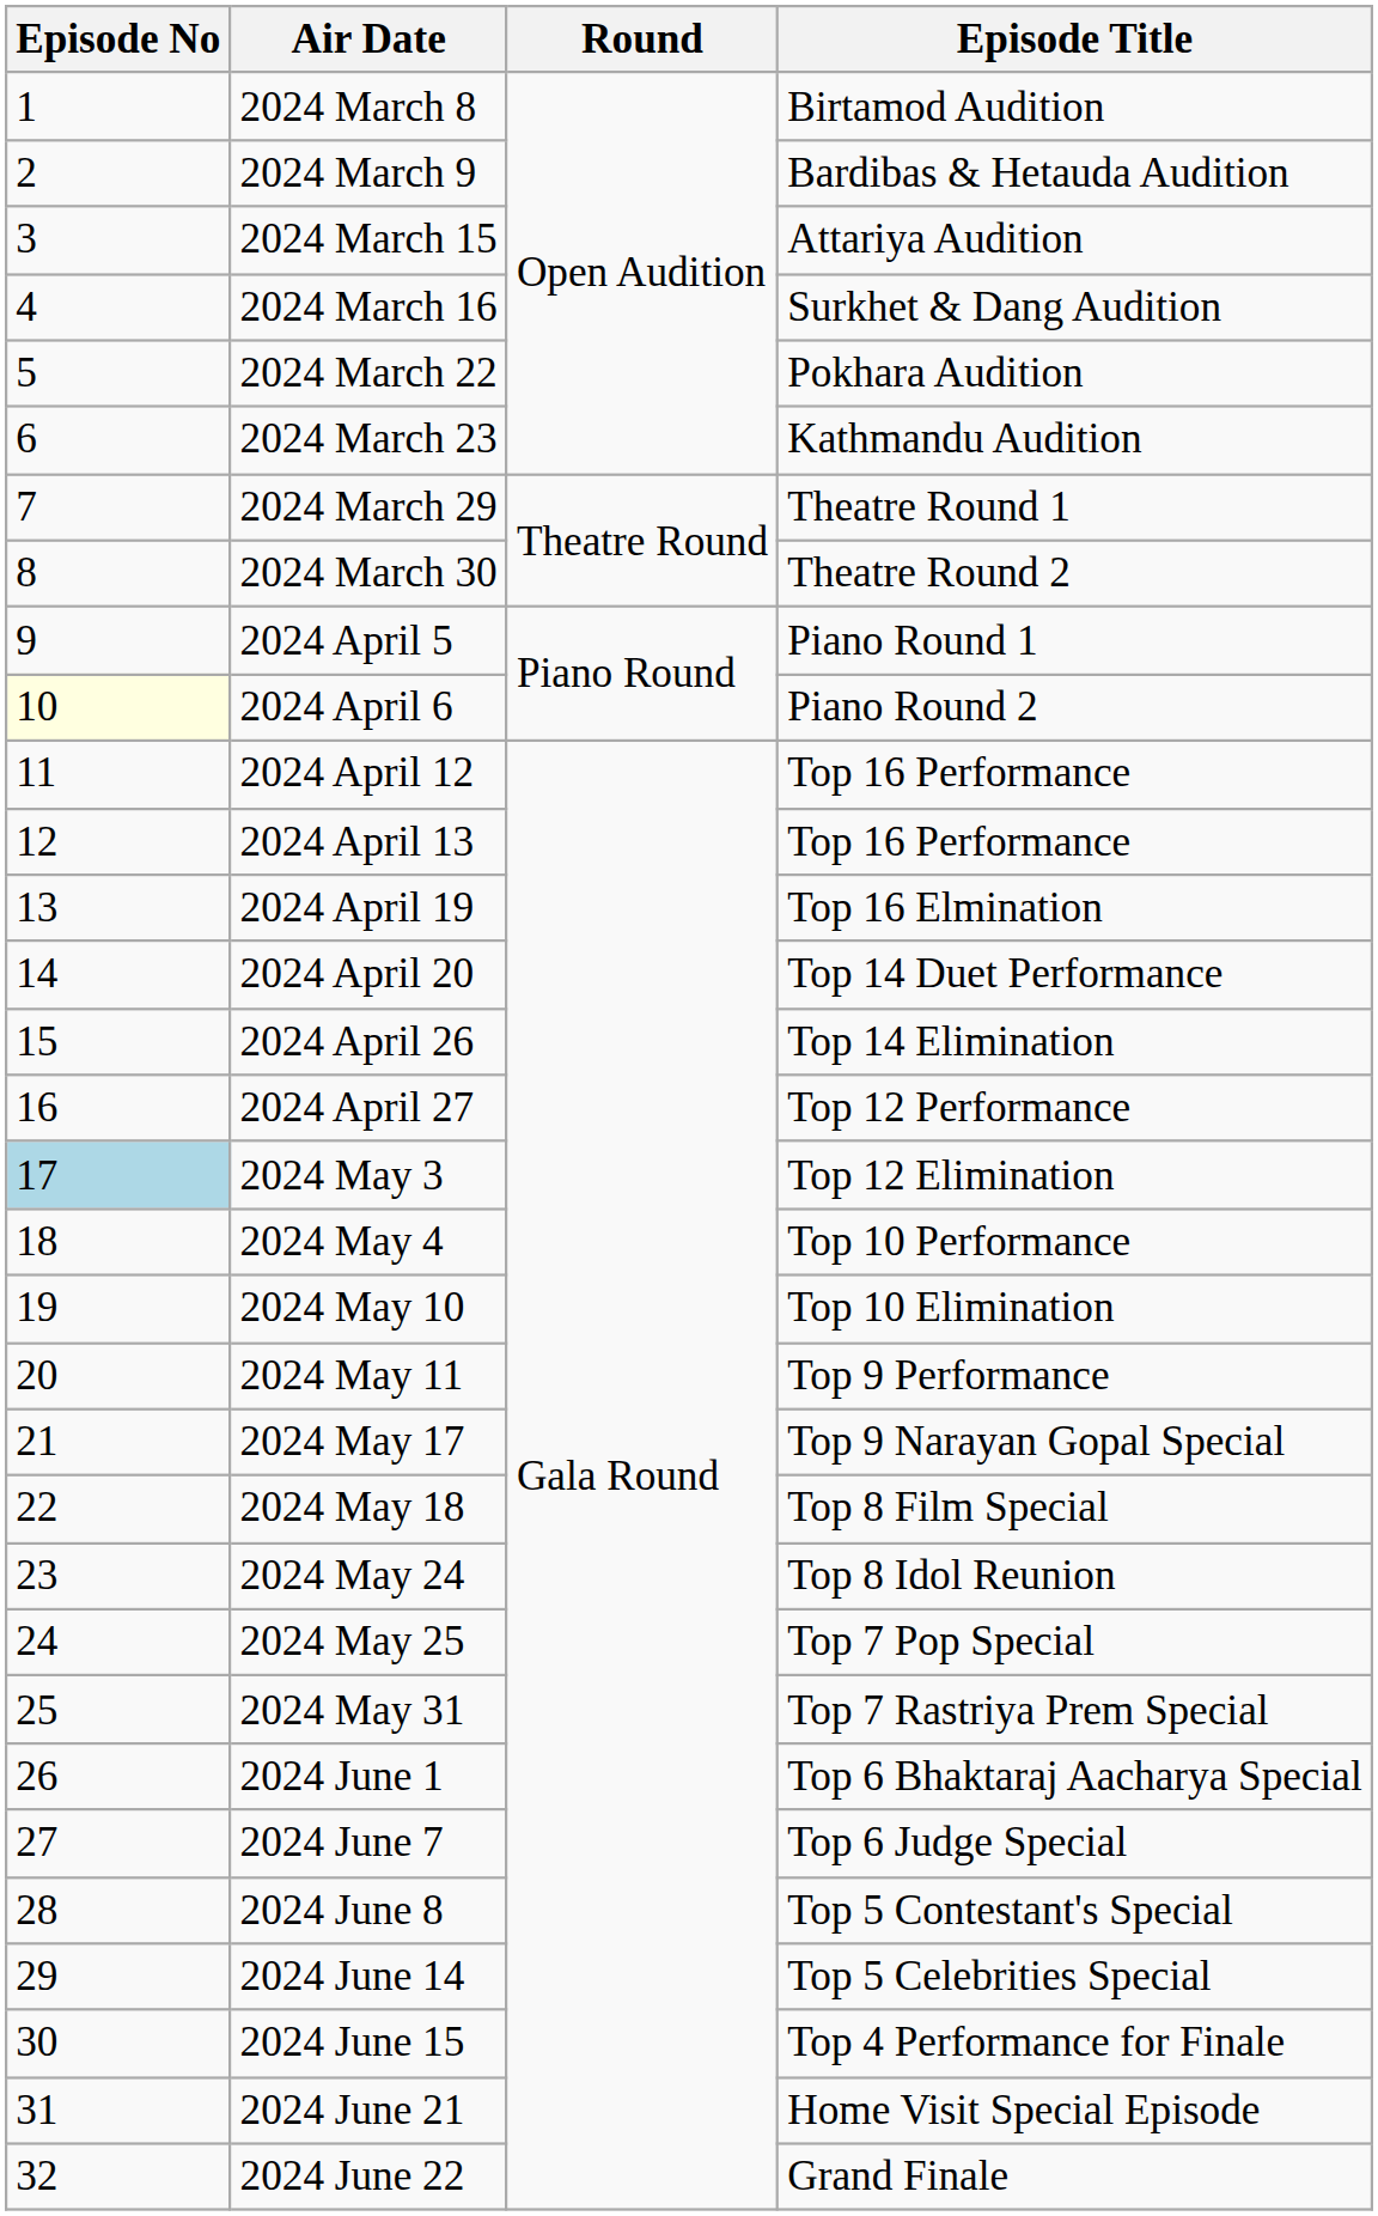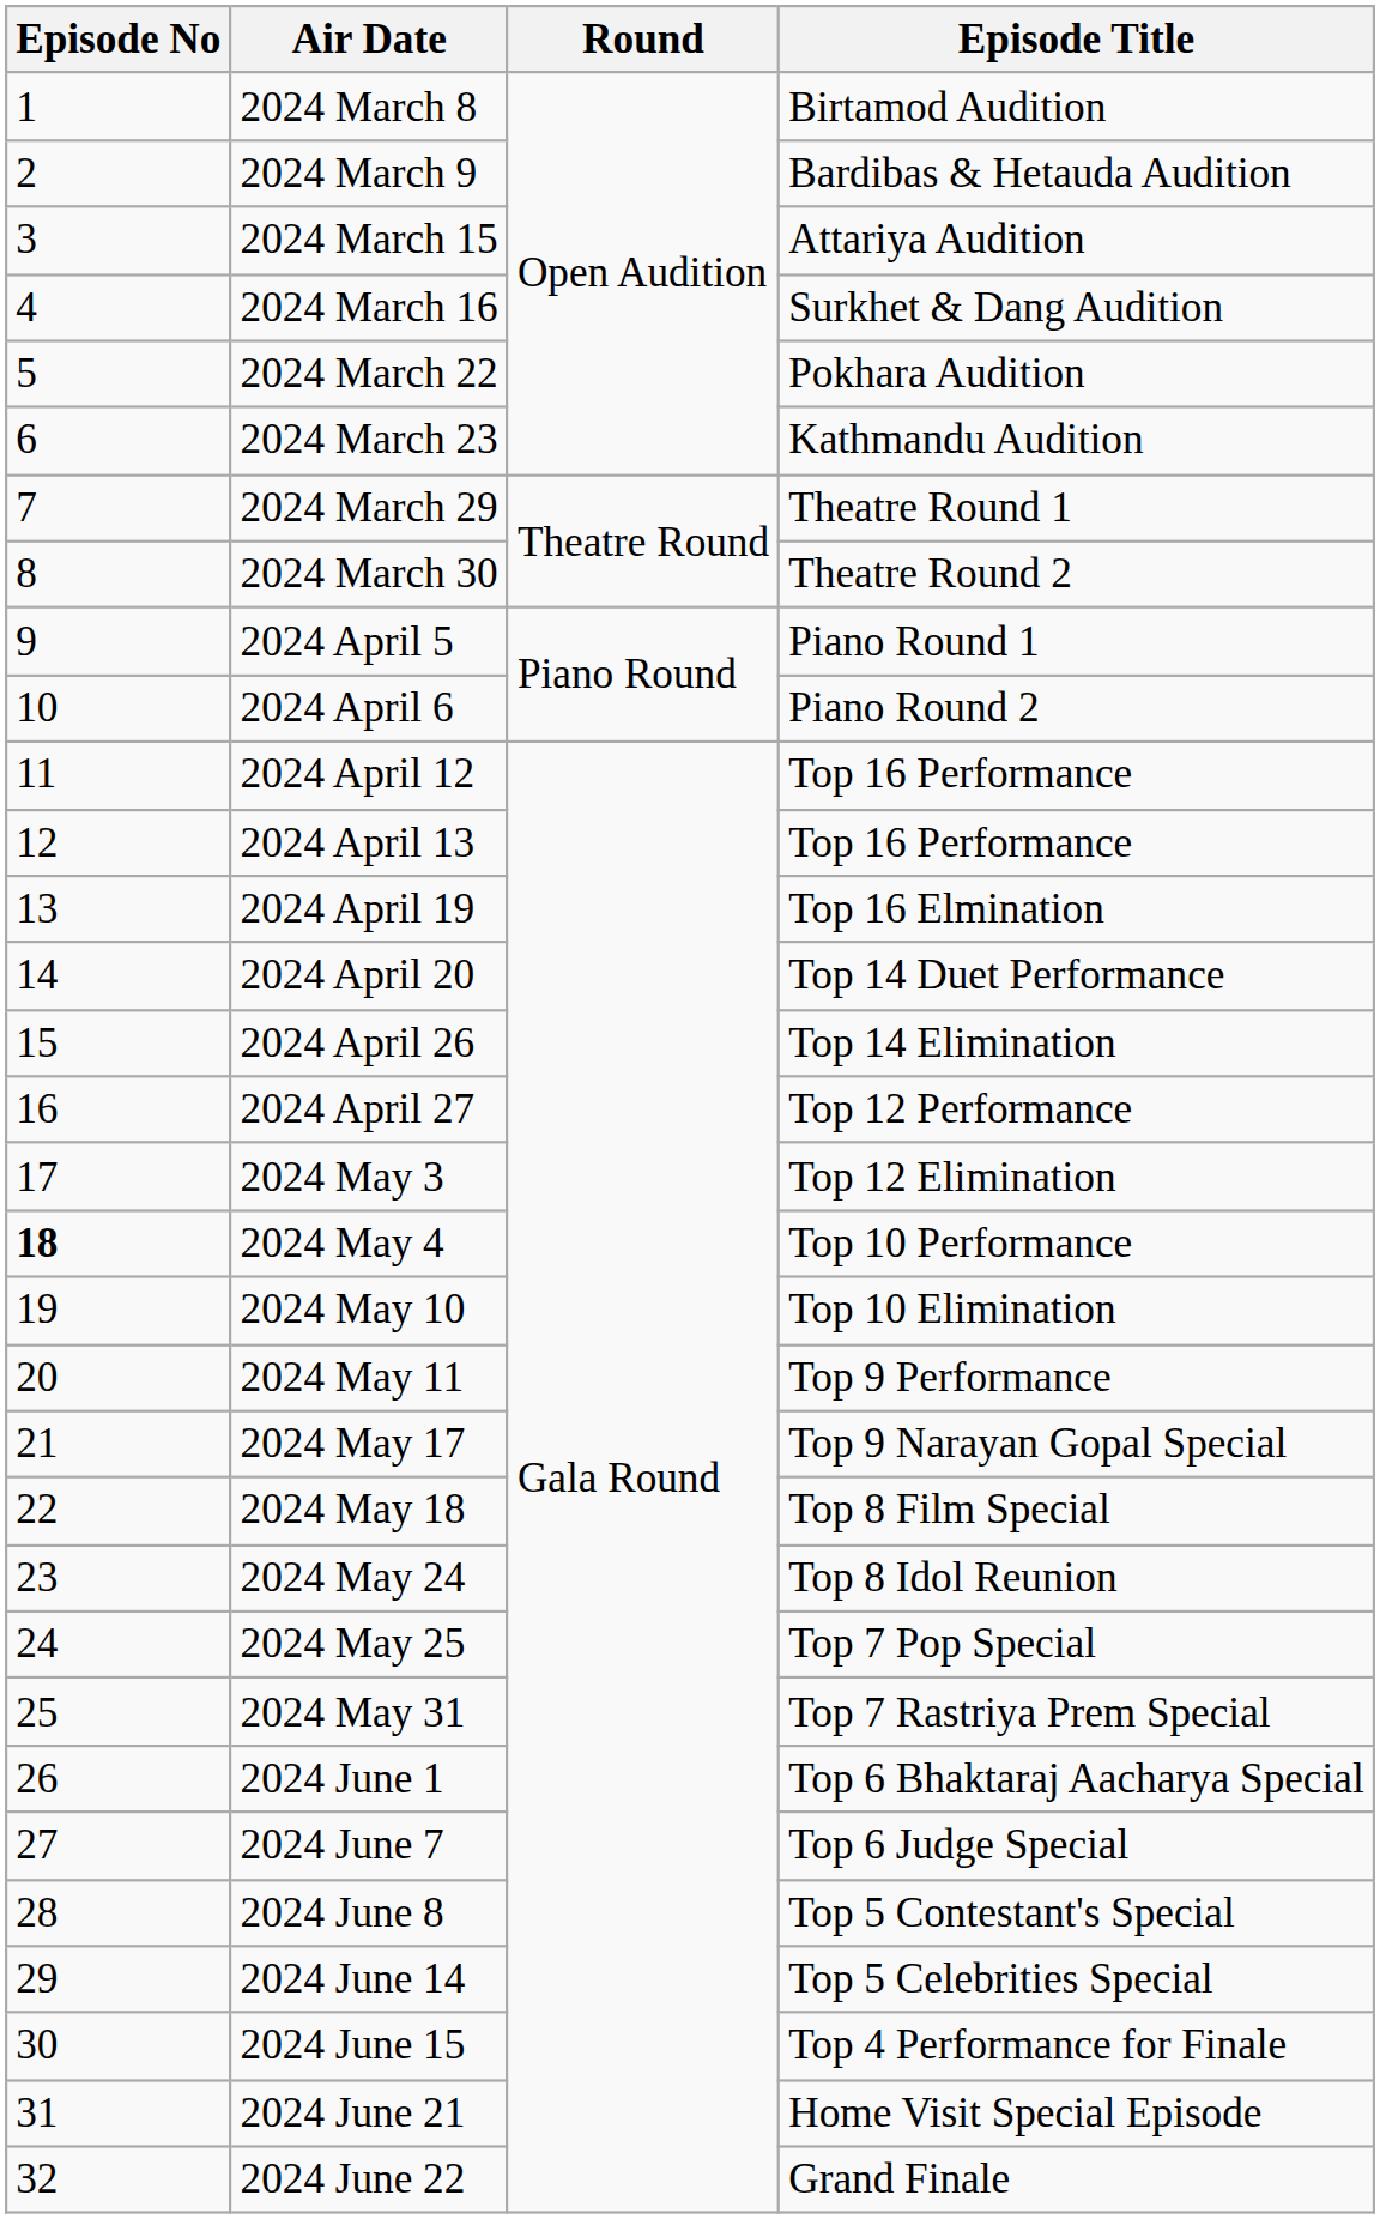 <table class="wikitable">
 <tr>
 <th>Episode No</th>
 <th>Air Date</th>
 <th>Round</th>
 <th>Episode Title</th>
 </tr>
 <tr>
 <td>1</td>
 <td>2024 March 8</td>
 <td rowspan="6">Open Audition</td>
 <td>Birtamod Audition</td>
 </tr>
 <tr>
 <td>2</td>
 <td>2024 March 9</td>
 <td>Bardibas & Hetauda Audition</td>
 </tr>
 <tr>
 <td>3</td>
 <td>2024 March 15</td>
 <td>Attariya Audition</td>
 </tr>
 <tr>
 <td>4</td>
 <td>2024 March 16</td>
 <td>Surkhet & Dang Audition</td>
 </tr>
 <tr>
 <td>5</td>
 <td>2024 March 22</td>
 <td>Pokhara Audition</td>
 </tr>
 <tr>
 <td>6</td>
 <td>2024 March 23</td>
 <td>Kathmandu Audition</td>
 </tr>
 <tr>
 <td>7</td>
 <td>2024 March 29</td>
 <td rowspan="2">Theatre Round</td>
 <td>Theatre Round 1</td>
 </tr>
 <tr>
 <td>8</td>
 <td>2024 March 30</td>
 <td>Theatre Round 2</td>
 </tr>
 <tr>
 <td>9</td>
 <td>2024 April 5</td>
 <td rowspan="2">Piano Round</td>
 <td>Piano Round 1</td>
 </tr>
 <tr>
-<td style="background: lightyellow;">10</td>
+<td>10</td>
 <td>2024 April 6</td>
 <td>Piano Round 2</td>
 </tr>
 <tr>
 <td>11</td>
 <td>2024 April 12</td>
 <td rowspan="22">Gala Round</td>
 <td>Top 16 Performance</td>
 </tr>
 <tr>
 <td>12</td>
 <td>2024 April 13</td>
 <td>Top 16 Performance</td>
 </tr>
 <tr>
 <td>13</td>
 <td>2024 April 19</td>
 <td>Top 16 Elmination</td>
 </tr>
 <tr>
 <td>14</td>
 <td>2024 April 20</td>
 <td>Top 14 Duet Performance</td>
 </tr>
 <tr>
 <td>15</td>
 <td>2024 April 26</td>
 <td>Top 14 Elimination</td>
 </tr>
 <tr>
 <td>16</td>
 <td>2024 April 27</td>
 <td>Top 12 Performance</td>
 </tr>
 <tr>
-<td style="background: lightblue;">17</td>
+<td>17</td>
 <td>2024 May 3</td>
 <td>Top 12 Elimination</td>
 </tr>
 <tr>
-<td>18</td>
+<td><strong>18</strong></td>
 <td>2024 May 4</td>
 <td>Top 10 Performance</td>
 </tr>
 <tr>
 <td>19</td>
 <td>2024 May 10</td>
 <td>Top 10 Elimination</td>
 </tr>
 <tr>
 <td>20</td>
 <td>2024 May 11</td>
 <td>Top 9 Performance</td>
 </tr>
 <tr>
 <td>21</td>
 <td>2024 May 17</td>
 <td>Top 9 Narayan Gopal Special</td>
 </tr>
 <tr>
 <td>22</td>
 <td>2024 May 18</td>
 <td>Top 8 Film Special</td>
 </tr>
 <tr>
 <td>23</td>
 <td>2024 May 24</td>
 <td>Top 8 Idol Reunion</td>
 </tr>
 <tr>
 <td>24</td>
 <td>2024 May 25</td>
 <td>Top 7 Pop Special</td>
 </tr>
 <tr>
 <td>25</td>
 <td>2024 May 31</td>
 <td>Top 7 Rastriya Prem Special</td>
 </tr>
 <tr>
 <td>26</td>
 <td>2024 June 1</td>
 <td>Top 6 Bhaktaraj Aacharya Special</td>
 </tr>
 <tr>
 <td>27</td>
 <td>2024 June 7</td>
 <td>Top 6 Judge Special</td>
 </tr>
 <tr>
 <td>28</td>
 <td>2024 June 8</td>
 <td>Top 5 Contestant's Special</td>
 </tr>
 <tr>
 <td>29</td>
 <td>2024 June 14</td>
 <td>Top 5 Celebrities Special</td>
 </tr>
 <tr>
 <td>30</td>
 <td>2024 June 15</td>
 <td>Top 4 Performance for Finale</td>
 </tr>
 <tr>
 <td>31</td>
 <td>2024 June 21</td>
 <td>Home Visit Special Episode</td>
 </tr>
 <tr>
 <td>32</td>
 <td>2024 June 22</td>
 <td>Grand Finale</td>
 </tr>
 </table>
